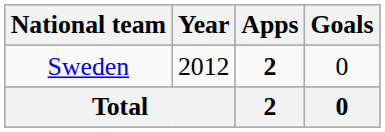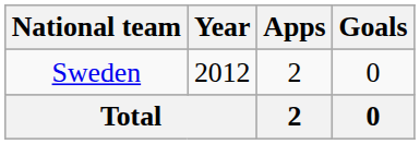 <table class="wikitable" style="text-align:center">
 <tr>
 <th>National team</th>
 <th>Year</th>
 <th>Apps</th>
 <th>Goals</th>
 </tr>
 <tr>
 <td rowspan="1"><a href='#'>Sweden</a></td>
 <td>2012</td>
-<td><strong>2</strong></td>
+<td>2</td>
 <td>0</td>
 </tr>
 <tr>
 <th colspan="2">Total</th>
 <th>2</th>
 <th>0</th>
 </tr>
 </table>
